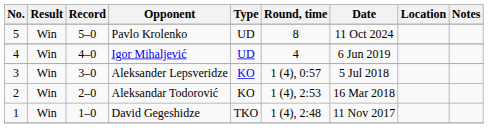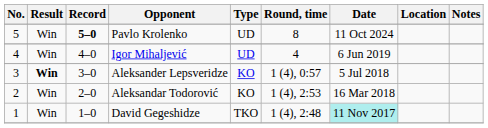 <table class="wikitable" style="text-align:center; font-size:95%">
 <tr>
 <th>No.</th>
 <th>Result</th>
 <th>Record</th>
 <th>Opponent</th>
 <th>Type</th>
 <th>Round, time</th>
 <th>Date</th>
 <th>Location</th>
 <th>Notes</th>
 </tr>
 <tr>
 </tr>
 <tr align=center>
 <td>5</td>
 <td>Win</td>
-<td>5–0</td>
+<td><strong>5–0</strong></td>
 <td align=left> Pavlo Krolenko</td>
 <td>UD</td>
 <td>8</td>
 <td>11 Oct 2024</td>
 <td align=left></td>
 <td align=left></td>
 </tr>
 <tr align=center>
 </tr>
 <tr align=center>
 </tr>
 <tr>
 </tr>
 <tr align=center>
 <td>4</td>
 <td>Win</td>
 <td>4–0</td>
 <td align=left> <a href='#'>Igor Mihaljević</a></td>
 <td><a href='#'>UD</a></td>
 <td>4</td>
 <td>6 Jun 2019</td>
 <td align=left></td>
 <td align=left></td>
 </tr>
 <tr align=center>
 </tr>
 <tr align=center>
 <td>3</td>
-<td>Win</td>
+<td><strong>Win</strong></td>
 <td>3–0</td>
 <td align=left> Aleksander Lepsveridze</td>
 <td><a href='#'>KO</a></td>
 <td>1 (4), 0:57</td>
 <td>5 Jul 2018</td>
 <td align=left></td>
 <td align=left></td>
 </tr>
 <tr align=center>
 <td>2</td>
 <td>Win</td>
 <td>2–0</td>
 <td align=left> Aleksandar Todorović</td>
 <td>KO</td>
 <td>1 (4), 2:53</td>
 <td>16 Mar 2018</td>
 <td align=left></td>
 <td align=left></td>
 </tr>
 <tr align=center>
 <td>1</td>
 <td>Win</td>
 <td>1–0</td>
 <td align=left> David Gegeshidze</td>
 <td>TKO</td>
 <td>1 (4), 2:48</td>
-<td>11 Nov 2017</td>
+<td style="background: paleturquoise;">11 Nov 2017</td>
 <td align=left></td>
 <td align=left></td>
 </tr>
 <tr align=center>
 </tr>
 </table>
